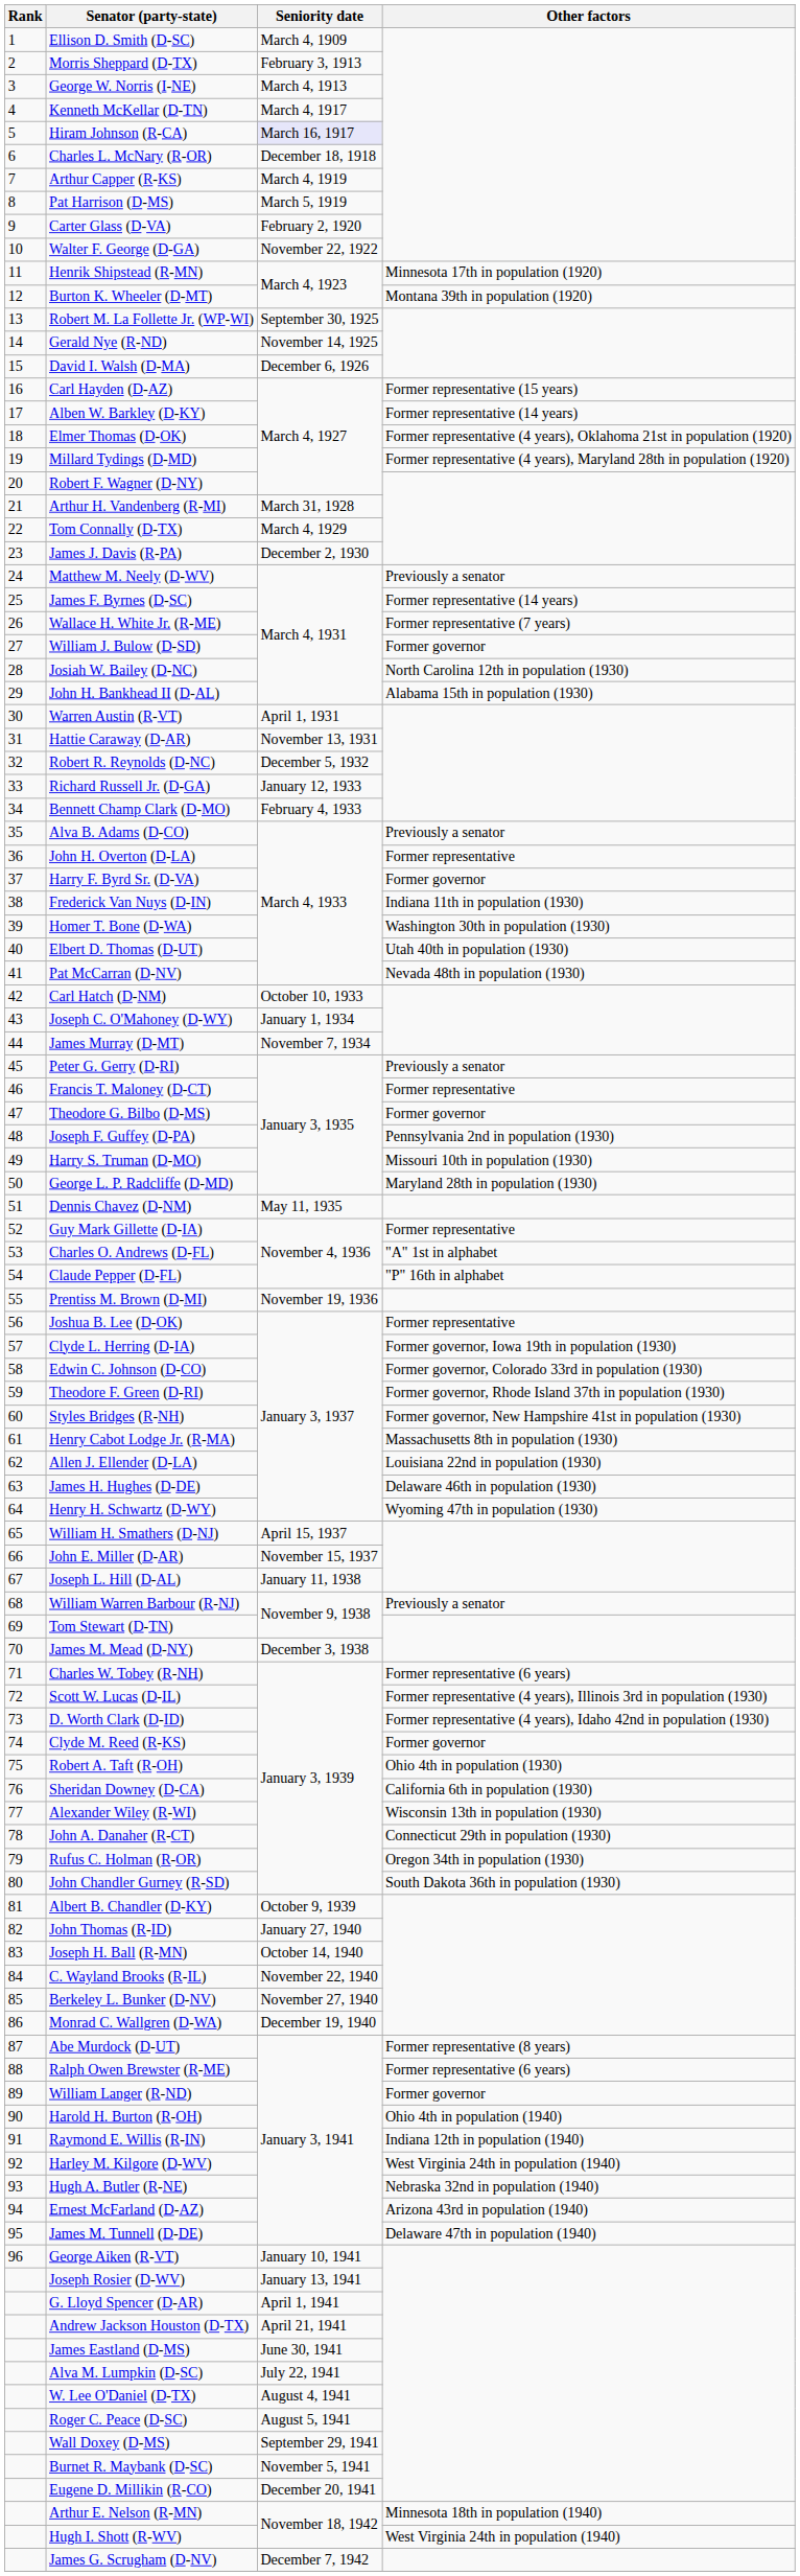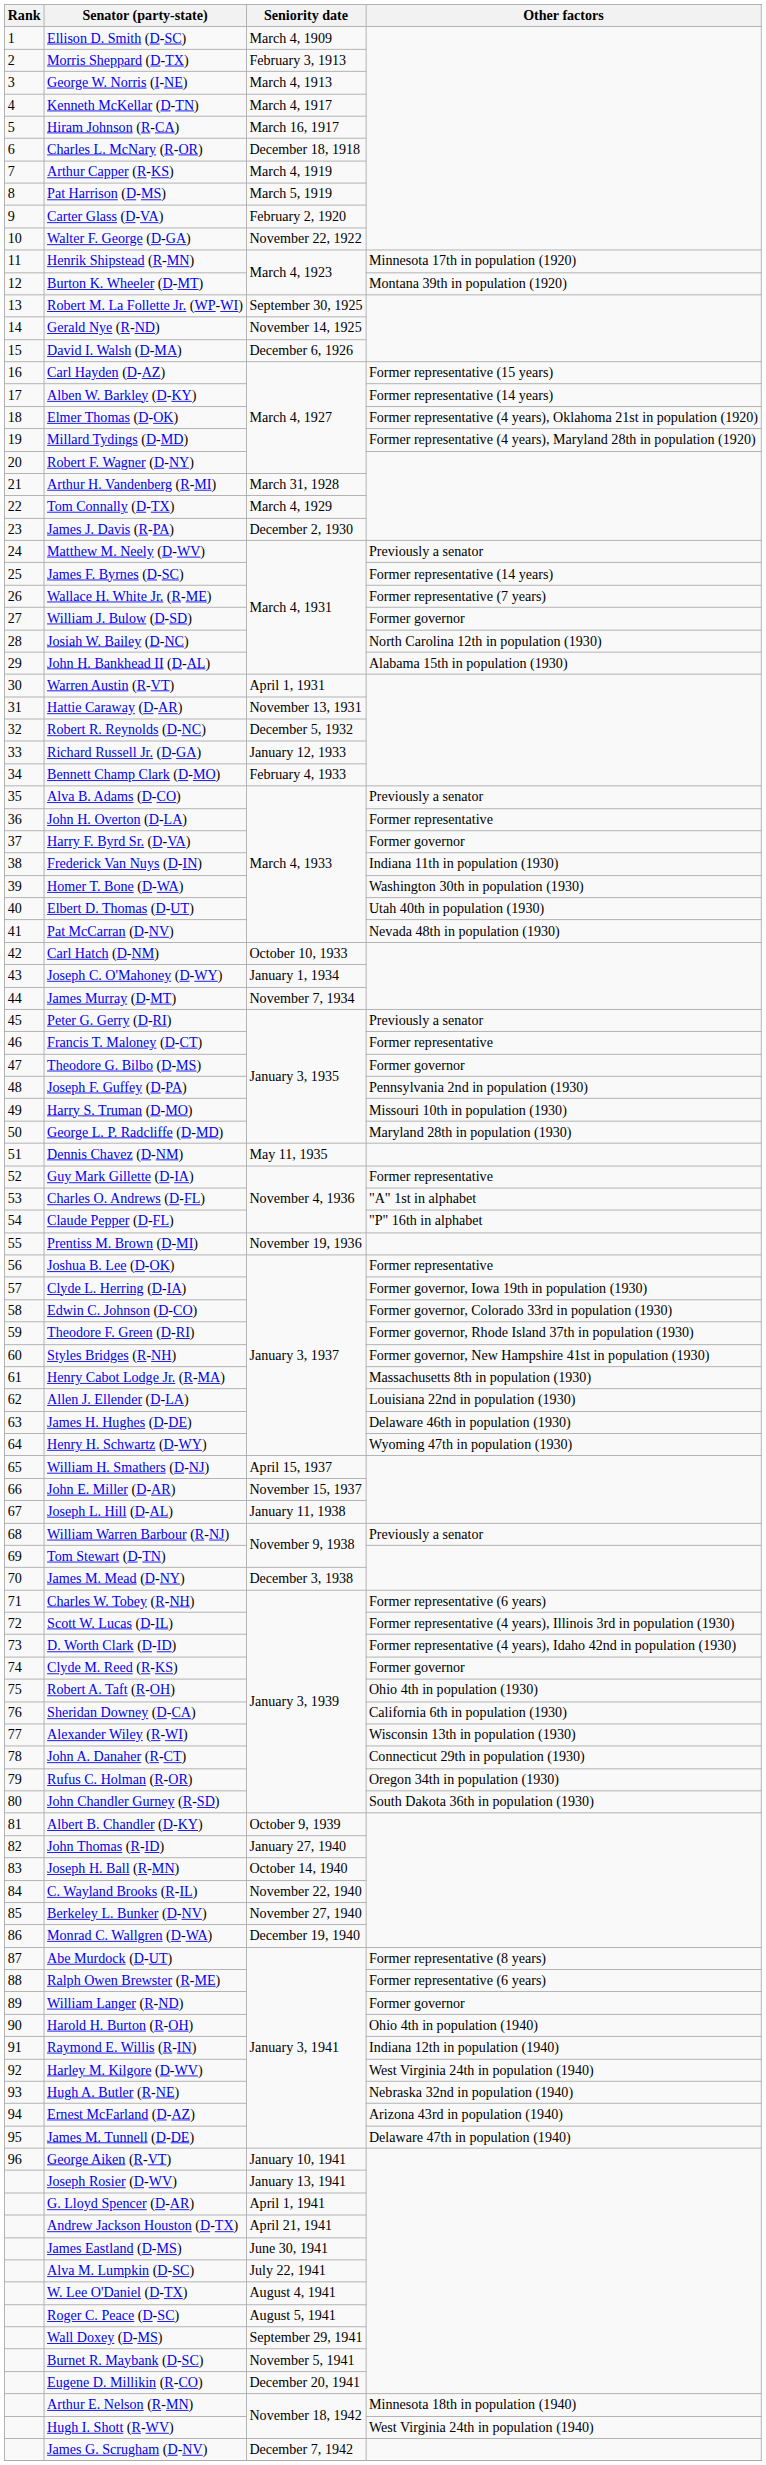 <table class=wikitable>
 <tr valign=bottom>
 <th>Rank</th>
 <th>Senator (party-state)</th>
 <th>Seniority date</th>
 <th>Other factors</th>
 </tr>
 <tr>
 <td>1</td>
 <td><a href='#'>Ellison D. Smith</a> (<a href='#'>D</a>-<a href='#'>SC</a>)</td>
 <td>March 4, 1909</td>
 <td rowspan=10></td>
 </tr>
 <tr>
 <td>2</td>
 <td><a href='#'>Morris Sheppard</a> (<a href='#'>D</a>-<a href='#'>TX</a>) </td>
 <td>February 3, 1913</td>
 </tr>
 <tr>
 <td>3</td>
 <td><a href='#'>George W. Norris</a> (<a href='#'>I</a>-<a href='#'>NE</a>) </td>
 <td>March 4, 1913</td>
 </tr>
 <tr>
 <td>4</td>
 <td><a href='#'>Kenneth McKellar</a> (<a href='#'>D</a>-<a href='#'>TN</a>)</td>
 <td>March 4, 1917</td>
 </tr>
 <tr>
 <td>5</td>
 <td><a href='#'>Hiram Johnson</a> (<a href='#'>R</a>-<a href='#'>CA</a>)</td>
-<td style="background: lavender;">March 16, 1917</td>
+<td>March 16, 1917</td>
 </tr>
 <tr>
 <td>6</td>
 <td><a href='#'>Charles L. McNary</a> (<a href='#'>R</a>-<a href='#'>OR</a>)</td>
 <td>December 18, 1918</td>
 </tr>
 <tr>
 <td>7</td>
 <td><a href='#'>Arthur Capper</a> (<a href='#'>R</a>-<a href='#'>KS</a>)</td>
 <td>March 4, 1919</td>
 </tr>
 <tr>
 <td>8</td>
 <td><a href='#'>Pat Harrison</a> (<a href='#'>D</a>-<a href='#'>MS</a>) </td>
 <td>March 5, 1919</td>
 </tr>
 <tr>
 <td>9</td>
 <td><a href='#'>Carter Glass</a> (<a href='#'>D</a>-<a href='#'>VA</a>)</td>
 <td>February 2, 1920</td>
 </tr>
 <tr>
 <td>10</td>
 <td><a href='#'>Walter F. George</a> (<a href='#'>D</a>-<a href='#'>GA</a>)</td>
 <td>November 22, 1922</td>
 </tr>
 <tr>
 <td>11</td>
 <td><a href='#'>Henrik Shipstead</a> (<a href='#'>R</a>-<a href='#'>MN</a>)</td>
 <td rowspan=2>March 4, 1923</td>
 <td>Minnesota 17th in population (1920)</td>
 </tr>
 <tr>
 <td>12</td>
 <td><a href='#'>Burton K. Wheeler</a> (<a href='#'>D</a>-<a href='#'>MT</a>)</td>
 <td>Montana 39th in population (1920)</td>
 </tr>
 <tr>
 <td>13</td>
 <td><a href='#'>Robert M. La Follette Jr.</a> (<a href='#'>WP</a>-<a href='#'>WI</a>)</td>
 <td>September 30, 1925</td>
 <td rowspan=3></td>
 </tr>
 <tr>
 <td>14</td>
 <td><a href='#'>Gerald Nye</a> (<a href='#'>R</a>-<a href='#'>ND</a>)</td>
 <td>November 14, 1925</td>
 </tr>
 <tr>
 <td>15</td>
 <td><a href='#'>David I. Walsh</a> (<a href='#'>D</a>-<a href='#'>MA</a>)</td>
 <td>December 6, 1926</td>
 </tr>
 <tr>
 <td>16</td>
 <td><a href='#'>Carl Hayden</a> (<a href='#'>D</a>-<a href='#'>AZ</a>)</td>
 <td rowspan=5>March 4, 1927</td>
 <td>Former representative (15 years)</td>
 </tr>
 <tr>
 <td>17</td>
 <td><a href='#'>Alben W. Barkley</a> (<a href='#'>D</a>-<a href='#'>KY</a>)</td>
 <td>Former representative (14 years)</td>
 </tr>
 <tr>
 <td>18</td>
 <td><a href='#'>Elmer Thomas</a> (<a href='#'>D</a>-<a href='#'>OK</a>)</td>
 <td>Former representative (4 years), Oklahoma 21st in population (1920)</td>
 </tr>
 <tr>
 <td>19</td>
 <td><a href='#'>Millard Tydings</a> (<a href='#'>D</a>-<a href='#'>MD</a>)</td>
 <td>Former representative (4 years), Maryland 28th in population (1920)</td>
 </tr>
 <tr>
 <td>20</td>
 <td><a href='#'>Robert F. Wagner</a> (<a href='#'>D</a>-<a href='#'>NY</a>)</td>
 <td rowspan=4></td>
 </tr>
 <tr>
 <td>21</td>
 <td><a href='#'>Arthur H. Vandenberg</a> (<a href='#'>R</a>-<a href='#'>MI</a>)</td>
 <td>March 31, 1928</td>
 </tr>
 <tr>
 <td>22</td>
 <td><a href='#'>Tom Connally</a> (<a href='#'>D</a>-<a href='#'>TX</a>)</td>
 <td>March 4, 1929</td>
 </tr>
 <tr>
 <td>23</td>
 <td><a href='#'>James J. Davis</a> (<a href='#'>R</a>-<a href='#'>PA</a>)</td>
 <td>December 2, 1930</td>
 </tr>
 <tr>
 <td>24</td>
 <td><a href='#'>Matthew M. Neely</a> (<a href='#'>D</a>-<a href='#'>WV</a>) </td>
 <td rowspan=6>March 4, 1931</td>
 <td>Previously a senator</td>
 </tr>
 <tr>
 <td>25</td>
 <td><a href='#'>James F. Byrnes</a> (<a href='#'>D</a>-<a href='#'>SC</a>) </td>
 <td>Former representative (14 years)</td>
 </tr>
 <tr>
 <td>26</td>
 <td><a href='#'>Wallace H. White Jr.</a> (<a href='#'>R</a>-<a href='#'>ME</a>)</td>
 <td>Former representative (7 years)</td>
 </tr>
 <tr>
 <td>27</td>
 <td><a href='#'>William J. Bulow</a> (<a href='#'>D</a>-<a href='#'>SD</a>) </td>
 <td>Former governor</td>
 </tr>
 <tr>
 <td>28</td>
 <td><a href='#'>Josiah W. Bailey</a> (<a href='#'>D</a>-<a href='#'>NC</a>)</td>
 <td>North Carolina 12th in population (1930)</td>
 </tr>
 <tr>
 <td>29</td>
 <td><a href='#'>John H. Bankhead II</a> (<a href='#'>D</a>-<a href='#'>AL</a>)</td>
 <td>Alabama 15th in population (1930)</td>
 </tr>
 <tr>
 <td>30</td>
 <td><a href='#'>Warren Austin</a> (<a href='#'>R</a>-<a href='#'>VT</a>)</td>
 <td>April 1, 1931</td>
 <td rowspan=5></td>
 </tr>
 <tr>
 <td>31</td>
 <td><a href='#'>Hattie Caraway</a> (<a href='#'>D</a>-<a href='#'>AR</a>)</td>
 <td>November 13, 1931</td>
 </tr>
 <tr>
 <td>32</td>
 <td><a href='#'>Robert R. Reynolds</a> (<a href='#'>D</a>-<a href='#'>NC</a>)</td>
 <td>December 5, 1932</td>
 </tr>
 <tr>
 <td>33</td>
 <td><a href='#'>Richard Russell Jr.</a> (<a href='#'>D</a>-<a href='#'>GA</a>)</td>
 <td>January 12, 1933</td>
 </tr>
 <tr>
 <td>34</td>
 <td><a href='#'>Bennett Champ Clark</a> (<a href='#'>D</a>-<a href='#'>MO</a>)</td>
 <td>February 4, 1933</td>
 </tr>
 <tr>
 <td>35</td>
 <td><a href='#'>Alva B. Adams</a> (<a href='#'>D</a>-<a href='#'>CO</a>) </td>
 <td rowspan=7>March 4, 1933</td>
 <td>Previously a senator</td>
 </tr>
 <tr>
 <td>36</td>
 <td><a href='#'>John H. Overton</a> (<a href='#'>D</a>-<a href='#'>LA</a>)</td>
 <td>Former representative</td>
 </tr>
 <tr>
 <td>37</td>
 <td><a href='#'>Harry F. Byrd Sr.</a> (<a href='#'>D</a>-<a href='#'>VA</a>)</td>
 <td>Former governor</td>
 </tr>
 <tr>
 <td>38</td>
 <td><a href='#'>Frederick Van Nuys</a> (<a href='#'>D</a>-<a href='#'>IN</a>)</td>
 <td>Indiana 11th in population (1930)</td>
 </tr>
 <tr>
 <td>39</td>
 <td><a href='#'>Homer T. Bone</a> (<a href='#'>D</a>-<a href='#'>WA</a>)</td>
 <td>Washington 30th in population (1930)</td>
 </tr>
 <tr>
 <td>40</td>
 <td><a href='#'>Elbert D. Thomas</a> (<a href='#'>D</a>-<a href='#'>UT</a>)</td>
 <td>Utah 40th in population (1930)</td>
 </tr>
 <tr>
 <td>41</td>
 <td><a href='#'>Pat McCarran</a> (<a href='#'>D</a>-<a href='#'>NV</a>)</td>
 <td>Nevada 48th in population (1930)</td>
 </tr>
 <tr>
 <td>42</td>
 <td><a href='#'>Carl Hatch</a> (<a href='#'>D</a>-<a href='#'>NM</a>)</td>
 <td>October 10, 1933</td>
 <td rowspan=3></td>
 </tr>
 <tr>
 <td>43</td>
 <td><a href='#'>Joseph C. O'Mahoney</a> (<a href='#'>D</a>-<a href='#'>WY</a>)</td>
 <td>January 1, 1934</td>
 </tr>
 <tr>
 <td>44</td>
 <td><a href='#'>James Murray</a> (<a href='#'>D</a>-<a href='#'>MT</a>)</td>
 <td>November 7, 1934</td>
 </tr>
 <tr>
 <td>45</td>
 <td><a href='#'>Peter G. Gerry</a> (<a href='#'>D</a>-<a href='#'>RI</a>)</td>
 <td rowspan=6>January 3, 1935</td>
 <td>Previously a senator</td>
 </tr>
 <tr>
 <td>46</td>
 <td><a href='#'>Francis T. Maloney</a> (<a href='#'>D</a>-<a href='#'>CT</a>)</td>
 <td>Former representative</td>
 </tr>
 <tr>
 <td>47</td>
 <td><a href='#'>Theodore G. Bilbo</a> (<a href='#'>D</a>-<a href='#'>MS</a>)</td>
 <td>Former governor</td>
 </tr>
 <tr>
 <td>48</td>
 <td><a href='#'>Joseph F. Guffey</a> (<a href='#'>D</a>-<a href='#'>PA</a>)</td>
 <td>Pennsylvania 2nd in population (1930)</td>
 </tr>
 <tr>
 <td>49</td>
 <td><a href='#'>Harry S. Truman</a> (<a href='#'>D</a>-<a href='#'>MO</a>)</td>
 <td>Missouri 10th in population (1930)</td>
 </tr>
 <tr>
 <td>50</td>
 <td><a href='#'>George L. P. Radcliffe</a> (<a href='#'>D</a>-<a href='#'>MD</a>)</td>
 <td>Maryland 28th in population (1930)</td>
 </tr>
 <tr>
 <td>51</td>
 <td><a href='#'>Dennis Chavez</a> (<a href='#'>D</a>-<a href='#'>NM</a>)</td>
 <td>May 11, 1935</td>
 <td></td>
 </tr>
 <tr>
 <td>52</td>
 <td><a href='#'>Guy Mark Gillette</a> (<a href='#'>D</a>-<a href='#'>IA</a>)</td>
 <td rowspan=3>November 4, 1936</td>
 <td>Former representative</td>
 </tr>
 <tr>
 <td>53</td>
 <td><a href='#'>Charles O. Andrews</a> (<a href='#'>D</a>-<a href='#'>FL</a>)</td>
 <td>"A" 1st in alphabet</td>
 </tr>
 <tr>
 <td>54</td>
 <td><a href='#'>Claude Pepper</a> (<a href='#'>D</a>-<a href='#'>FL</a>)</td>
 <td>"P" 16th in alphabet</td>
 </tr>
 <tr>
 <td>55</td>
 <td><a href='#'>Prentiss M. Brown</a> (<a href='#'>D</a>-<a href='#'>MI</a>) </td>
 <td>November 19, 1936</td>
 <td></td>
 </tr>
 <tr>
 <td>56</td>
 <td><a href='#'>Joshua B. Lee</a> (<a href='#'>D</a>-<a href='#'>OK</a>) </td>
 <td rowspan=9>January 3, 1937</td>
 <td>Former representative</td>
 </tr>
 <tr>
 <td>57</td>
 <td><a href='#'>Clyde L. Herring</a> (<a href='#'>D</a>-<a href='#'>IA</a>) </td>
 <td>Former governor, Iowa 19th in population (1930)</td>
 </tr>
 <tr>
 <td>58</td>
 <td><a href='#'>Edwin C. Johnson</a> (<a href='#'>D</a>-<a href='#'>CO</a>)</td>
 <td>Former governor, Colorado 33rd in population (1930)</td>
 </tr>
 <tr>
 <td>59</td>
 <td><a href='#'>Theodore F. Green</a> (<a href='#'>D</a>-<a href='#'>RI</a>)</td>
 <td>Former governor, Rhode Island 37th in population (1930)</td>
 </tr>
 <tr>
 <td>60</td>
 <td><a href='#'>Styles Bridges</a> (<a href='#'>R</a>-<a href='#'>NH</a>)</td>
 <td>Former governor, New Hampshire 41st in population (1930)</td>
 </tr>
 <tr>
 <td>61</td>
 <td><a href='#'>Henry Cabot Lodge Jr.</a> (<a href='#'>R</a>-<a href='#'>MA</a>)</td>
 <td>Massachusetts 8th in population (1930)</td>
 </tr>
 <tr>
 <td>62</td>
 <td><a href='#'>Allen J. Ellender</a> (<a href='#'>D</a>-<a href='#'>LA</a>)</td>
 <td>Louisiana 22nd in population (1930)</td>
 </tr>
 <tr>
 <td>63</td>
 <td><a href='#'>James H. Hughes</a> (<a href='#'>D</a>-<a href='#'>DE</a>) </td>
 <td>Delaware 46th in population (1930)</td>
 </tr>
 <tr>
 <td>64</td>
 <td><a href='#'>Henry H. Schwartz</a> (<a href='#'>D</a>-<a href='#'>WY</a>) </td>
 <td>Wyoming 47th in population (1930)</td>
 </tr>
 <tr>
 <td>65</td>
 <td><a href='#'>William H. Smathers</a> (<a href='#'>D</a>-<a href='#'>NJ</a>) </td>
 <td>April 15, 1937</td>
 <td rowspan=3></td>
 </tr>
 <tr>
 <td>66</td>
 <td><a href='#'>John E. Miller</a> (<a href='#'>D</a>-<a href='#'>AR</a>) </td>
 <td>November 15, 1937</td>
 </tr>
 <tr>
 <td>67</td>
 <td><a href='#'>Joseph L. Hill</a> (<a href='#'>D</a>-<a href='#'>AL</a>)</td>
 <td>January 11, 1938</td>
 </tr>
 <tr>
 <td>68</td>
 <td><a href='#'>William Warren Barbour</a> (<a href='#'>R</a>-<a href='#'>NJ</a>)</td>
 <td rowspan=2>November 9, 1938</td>
 <td>Previously a senator</td>
 </tr>
 <tr>
 <td>69</td>
 <td><a href='#'>Tom Stewart</a> (<a href='#'>D</a>-<a href='#'>TN</a>)</td>
 <td rowspan=2></td>
 </tr>
 <tr>
 <td>70</td>
 <td><a href='#'>James M. Mead</a> (<a href='#'>D</a>-<a href='#'>NY</a>)</td>
 <td>December 3, 1938</td>
 </tr>
 <tr>
 <td>71</td>
 <td><a href='#'>Charles W. Tobey</a> (<a href='#'>R</a>-<a href='#'>NH</a>)</td>
 <td rowspan=10>January 3, 1939</td>
 <td>Former representative (6 years)</td>
 </tr>
 <tr>
 <td>72</td>
 <td><a href='#'>Scott W. Lucas</a> (<a href='#'>D</a>-<a href='#'>IL</a>)</td>
 <td>Former representative (4 years), Illinois 3rd in population (1930)</td>
 </tr>
 <tr>
 <td>73</td>
 <td><a href='#'>D. Worth Clark</a> (<a href='#'>D</a>-<a href='#'>ID</a>)</td>
 <td>Former representative (4 years), Idaho 42nd in population (1930)</td>
 </tr>
 <tr>
 <td>74</td>
 <td><a href='#'>Clyde M. Reed</a> (<a href='#'>R</a>-<a href='#'>KS</a>)</td>
 <td>Former governor</td>
 </tr>
 <tr>
 <td>75</td>
 <td><a href='#'>Robert A. Taft</a> (<a href='#'>R</a>-<a href='#'>OH</a>)</td>
 <td>Ohio 4th in population (1930)</td>
 </tr>
 <tr>
 <td>76</td>
 <td><a href='#'>Sheridan Downey</a> (<a href='#'>D</a>-<a href='#'>CA</a>)</td>
 <td>California 6th in population (1930)</td>
 </tr>
 <tr>
 <td>77</td>
 <td><a href='#'>Alexander Wiley</a> (<a href='#'>R</a>-<a href='#'>WI</a>)</td>
 <td>Wisconsin 13th in population (1930)</td>
 </tr>
 <tr>
 <td>78</td>
 <td><a href='#'>John A. Danaher</a> (<a href='#'>R</a>-<a href='#'>CT</a>)</td>
 <td>Connecticut 29th in population (1930)</td>
 </tr>
 <tr>
 <td>79</td>
 <td><a href='#'>Rufus C. Holman</a> (<a href='#'>R</a>-<a href='#'>OR</a>)</td>
 <td>Oregon 34th in population (1930)</td>
 </tr>
 <tr>
 <td>80</td>
 <td><a href='#'>John Chandler Gurney</a> (<a href='#'>R</a>-<a href='#'>SD</a>)</td>
 <td>South Dakota 36th in population (1930)</td>
 </tr>
 <tr>
 <td>81</td>
 <td><a href='#'>Albert B. Chandler</a> (<a href='#'>D</a>-<a href='#'>KY</a>)</td>
 <td>October 9, 1939</td>
 <td rowspan=6></td>
 </tr>
 <tr>
 <td>82</td>
 <td><a href='#'>John Thomas</a> (<a href='#'>R</a>-<a href='#'>ID</a>)</td>
 <td>January 27, 1940</td>
 </tr>
 <tr>
 <td>83</td>
 <td><a href='#'>Joseph H. Ball</a> (<a href='#'>R</a>-<a href='#'>MN</a>) </td>
 <td>October 14, 1940</td>
 </tr>
 <tr>
 <td>84</td>
 <td><a href='#'>C. Wayland Brooks</a> (<a href='#'>R</a>-<a href='#'>IL</a>)</td>
 <td>November 22, 1940</td>
 </tr>
 <tr>
 <td>85</td>
 <td><a href='#'>Berkeley L. Bunker</a> (<a href='#'>D</a>-<a href='#'>NV</a>) </td>
 <td>November 27, 1940</td>
 </tr>
 <tr>
 <td>86</td>
 <td><a href='#'>Monrad C. Wallgren</a> (<a href='#'>D</a>-<a href='#'>WA</a>)</td>
 <td>December 19, 1940</td>
 </tr>
 <tr>
 <td>87</td>
 <td><a href='#'>Abe Murdock</a> (<a href='#'>D</a>-<a href='#'>UT</a>)</td>
 <td rowspan=9>January 3, 1941</td>
 <td>Former representative (8 years)</td>
 </tr>
 <tr>
 <td>88</td>
 <td><a href='#'>Ralph Owen Brewster</a> (<a href='#'>R</a>-<a href='#'>ME</a>)</td>
 <td>Former representative (6 years)</td>
 </tr>
 <tr>
 <td>89</td>
 <td><a href='#'>William Langer</a> (<a href='#'>R</a>-<a href='#'>ND</a>)</td>
 <td>Former governor</td>
 </tr>
 <tr>
 <td>90</td>
 <td><a href='#'>Harold H. Burton</a> (<a href='#'>R</a>-<a href='#'>OH</a>)</td>
 <td>Ohio 4th in population (1940)</td>
 </tr>
 <tr>
 <td>91</td>
 <td><a href='#'>Raymond E. Willis</a> (<a href='#'>R</a>-<a href='#'>IN</a>)</td>
 <td>Indiana 12th in population (1940)</td>
 </tr>
 <tr>
 <td>92</td>
 <td><a href='#'>Harley M. Kilgore</a> (<a href='#'>D</a>-<a href='#'>WV</a>)</td>
 <td>West Virginia 24th in population (1940)</td>
 </tr>
 <tr>
 <td>93</td>
 <td><a href='#'>Hugh A. Butler</a> (<a href='#'>R</a>-<a href='#'>NE</a>)</td>
 <td>Nebraska 32nd in population (1940)</td>
 </tr>
 <tr>
 <td>94</td>
 <td><a href='#'>Ernest McFarland</a> (<a href='#'>D</a>-<a href='#'>AZ</a>)</td>
 <td>Arizona 43rd in population (1940)</td>
 </tr>
 <tr>
 <td>95</td>
 <td><a href='#'>James M. Tunnell</a> (<a href='#'>D</a>-<a href='#'>DE</a>)</td>
 <td>Delaware 47th in population (1940)</td>
 </tr>
 <tr>
 <td>96</td>
 <td><a href='#'>George Aiken</a> (<a href='#'>R</a>-<a href='#'>VT</a>)</td>
 <td>January 10, 1941</td>
 <td rowspan=11></td>
 </tr>
 <tr>
 <td></td>
 <td><a href='#'>Joseph Rosier</a> (<a href='#'>D</a>-<a href='#'>WV</a>) </td>
 <td>January 13, 1941</td>
 </tr>
 <tr>
 <td></td>
 <td><a href='#'>G. Lloyd Spencer</a> (<a href='#'>D</a>-<a href='#'>AR</a>) </td>
 <td>April 1, 1941</td>
 </tr>
 <tr>
 <td></td>
 <td><a href='#'>Andrew Jackson Houston</a> (<a href='#'>D</a>-<a href='#'>TX</a>) </td>
 <td>April 21, 1941</td>
 </tr>
 <tr>
 <td></td>
 <td><a href='#'>James Eastland</a> (<a href='#'>D</a>-<a href='#'>MS</a>) </td>
 <td>June 30, 1941</td>
 </tr>
 <tr>
 <td></td>
 <td><a href='#'>Alva M. Lumpkin</a> (<a href='#'>D</a>-<a href='#'>SC</a>) </td>
 <td>July 22, 1941</td>
 </tr>
 <tr>
 <td></td>
 <td><a href='#'>W. Lee O'Daniel</a> (<a href='#'>D</a>-<a href='#'>TX</a>)</td>
 <td>August 4, 1941</td>
 </tr>
 <tr>
 <td></td>
 <td><a href='#'>Roger C. Peace</a> (<a href='#'>D</a>-<a href='#'>SC</a>) </td>
 <td>August 5, 1941</td>
 </tr>
 <tr>
 <td></td>
 <td><a href='#'>Wall Doxey</a> (<a href='#'>D</a>-<a href='#'>MS</a>) </td>
 <td>September 29, 1941</td>
 </tr>
 <tr>
 <td></td>
 <td><a href='#'>Burnet R. Maybank</a> (<a href='#'>D</a>-<a href='#'>SC</a>)</td>
 <td>November 5, 1941</td>
 </tr>
 <tr>
 <td></td>
 <td><a href='#'>Eugene D. Millikin</a> (<a href='#'>R</a>-<a href='#'>CO</a>)</td>
 <td>December 20, 1941</td>
 </tr>
 <tr>
 <td></td>
 <td><a href='#'>Arthur E. Nelson</a> (<a href='#'>R</a>-<a href='#'>MN</a>) </td>
 <td rowspan=2>November 18, 1942</td>
 <td>Minnesota 18th in population (1940)</td>
 </tr>
 <tr>
 <td></td>
 <td><a href='#'>Hugh I. Shott</a> (<a href='#'>R</a>-<a href='#'>WV</a>) </td>
 <td>West Virginia 24th in population (1940)</td>
 </tr>
 <tr>
 <td></td>
 <td><a href='#'>James G. Scrugham</a> (<a href='#'>D</a>-<a href='#'>NV</a>)</td>
 <td>December 7, 1942</td>
 <td></td>
 </tr>
 <tr>
 </tr>
 </table>
